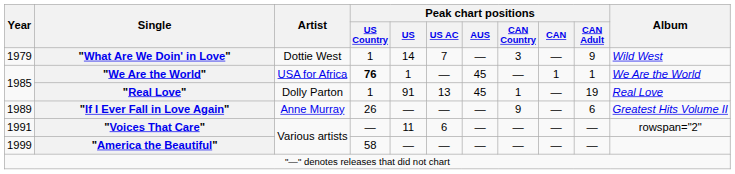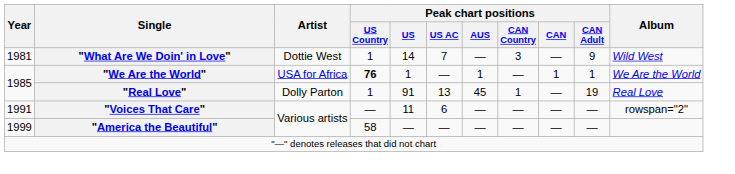 <table class="wikitable plainrowheaders" style="text-align:center;">
 <tr>
 <th rowspan="2">Year</th>
 <th rowspan="2" style="width:21em;">Single</th>
 <th rowspan="2">Artist</th>
 <th colspan="7">Peak chart positions</th>
 <th rowspan="2">Album</th>
 </tr>
 <tr style="font-size:smaller;">
 <th width="45"><a href='#'>US Country</a><br></th>
 <th width="45"><a href='#'>US</a><br></th>
 <th width="45"><a href='#'>US AC</a><br></th>
 <th width="45"><a href='#'>AUS</a><br></th>
 <th width="45"><a href='#'>CAN Country</a><br></th>
 <th width="45"><a href='#'>CAN</a><br></th>
 <th width="45"><a href='#'>CAN Adult</a><br></th>
 </tr>
 <tr>
-<td>1979</td>
+<td>1981</td>
 <th scope="row">"<a href='#'>What Are We Doin' in Love</a>"</th>
 <td>Dottie West</td>
 <td>1</td>
 <td>14</td>
 <td>7</td>
 <td>—</td>
 <td>3</td>
 <td>—</td>
 <td>9</td>
 <td align="left"><em><a href='#'>Wild West</a></em></td>
 </tr>
 <tr>
 <td rowspan="2">1985</td>
 <th scope="row">"<a href='#'>We Are the World</a>"</th>
 <td><a href='#'>USA for Africa</a></td>
 <td><strong>76</strong></td>
 <td>1</td>
 <td>—</td>
-<td>45</td>
+<td>1</td>
 <td>—</td>
 <td>1</td>
 <td>1</td>
 <td align="left"><em><a href='#'>We Are the World</a></em></td>
 </tr>
 <tr>
 <th scope="row">"<a href='#'>Real Love</a>"</th>
 <td>Dolly Parton</td>
 <td>1</td>
 <td>91</td>
 <td>13</td>
 <td>45</td>
 <td>1</td>
 <td>—</td>
 <td>19</td>
 <td align="left"><em><a href='#'>Real Love</a></em></td>
-</tr>
-<tr>
-<td>1989</td>
-<th scope="row">"<a href='#'>If I Ever Fall in Love Again</a>"</th>
-<td><a href='#'>Anne Murray</a></td>
-<td>26</td>
-<td>—</td>
-<td>—</td>
-<td>—</td>
-<td>9</td>
-<td>—</td>
-<td>6</td>
-<td align="left"><em><a href='#'>Greatest Hits Volume II</a></em></td>
 </tr>
 <tr>
 <td>1991</td>
 <th scope="row">"<a href='#'>Voices That Care</a>"</th>
 <td rowspan="2">Various artists</td>
 <td>—</td>
 <td>11</td>
 <td>6</td>
 <td>—</td>
 <td>—</td>
 <td>—</td>
 <td>—</td>
 <td>rowspan="2" </td>
 </tr>
 <tr>
 <td>1999</td>
 <th scope="row">"<a href='#'>America the Beautiful</a>"</th>
 <td>58</td>
 <td>—</td>
 <td>—</td>
 <td>—</td>
 <td>—</td>
 <td>—</td>
 <td>—</td>
 </tr>
 <tr>
 <td colspan="11" style="font-size:85%">"—" denotes releases that did not chart</td>
 </tr>
 </table>
